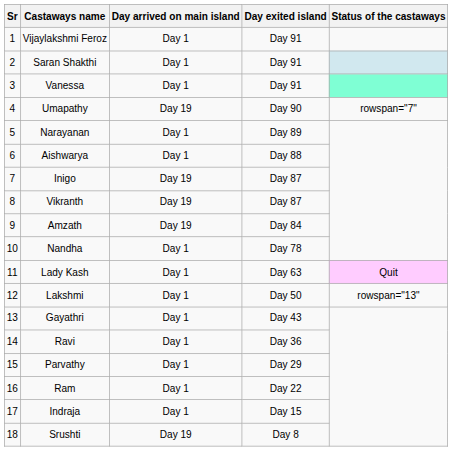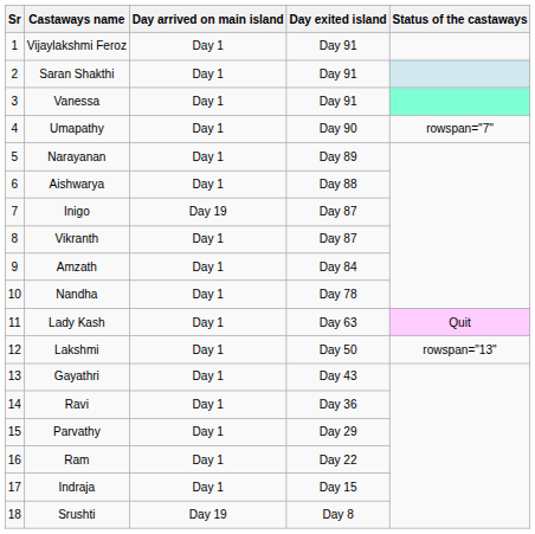 <table class="wikitable sortable" style=" text-align:center; font-size:85%;  line-height:25px; width:auto;">
 <tr>
 <th scope="col">Sr</th>
 <th scope="col">Castaways name</th>
 <th scope="col">Day arrived on main island</th>
 <th scope="col">Day exited island</th>
 <th scope="col">Status of the castaways</th>
 </tr>
 <tr>
 <td>1</td>
 <td>Vijaylakshmi Feroz</td>
 <td>Day 1</td>
 <td>Day 91</td>
 <td></td>
 </tr>
 <tr>
 <td>2</td>
 <td>Saran Shakthi</td>
 <td>Day 1</td>
 <td>Day 91</td>
 <td style="background:#D1E8EF;"></td>
 </tr>
 <tr>
 <td>3</td>
 <td>Vanessa</td>
 <td>Day 1</td>
 <td>Day 91</td>
 <td style="background:#7FFFD4;"></td>
 </tr>
 <tr>
 <td>4</td>
 <td>Umapathy</td>
-<td>Day 19</td>
+<td>Day 1</td>
 <td>Day 90</td>
 <td>rowspan="7"</td>
 </tr>
 <tr>
 <td>5</td>
 <td>Narayanan</td>
 <td>Day 1</td>
 <td>Day 89</td>
 </tr>
 <tr>
 <td>6</td>
 <td>Aishwarya</td>
 <td>Day 1</td>
 <td>Day 88</td>
 </tr>
 <tr>
 <td>7</td>
 <td>Inigo</td>
 <td>Day 19</td>
 <td>Day 87</td>
 </tr>
 <tr>
 <td>8</td>
 <td>Vikranth</td>
-<td>Day 19</td>
+<td>Day 1</td>
 <td>Day 87</td>
 </tr>
 <tr>
 <td>9</td>
 <td>Amzath</td>
-<td>Day 19</td>
+<td>Day 1</td>
 <td>Day 84</td>
 </tr>
 <tr>
 <td>10</td>
 <td>Nandha</td>
 <td>Day 1</td>
 <td>Day 78</td>
 </tr>
 <tr>
 <td>11</td>
 <td>Lady Kash</td>
 <td>Day 1</td>
 <td>Day 63</td>
 <td style="background:#fcf;">Quit</td>
 </tr>
 <tr>
 <td>12</td>
 <td>Lakshmi</td>
 <td>Day 1</td>
 <td>Day 50</td>
 <td>rowspan="13"</td>
 </tr>
 <tr>
 <td>13</td>
 <td>Gayathri</td>
 <td>Day 1</td>
 <td>Day 43</td>
 </tr>
 <tr>
 <td>14</td>
 <td>Ravi</td>
 <td>Day 1</td>
 <td>Day 36</td>
 </tr>
 <tr>
 <td>15</td>
 <td>Parvathy</td>
 <td>Day 1</td>
 <td>Day 29</td>
 </tr>
 <tr>
 <td>16</td>
 <td>Ram</td>
 <td>Day 1</td>
 <td>Day 22</td>
 </tr>
 <tr>
 <td>17</td>
 <td>Indraja</td>
 <td>Day 1</td>
 <td>Day 15</td>
 </tr>
 <tr>
 <td>18</td>
 <td>Srushti</td>
 <td>Day 19</td>
 <td>Day 8</td>
 </tr>
 </table>
